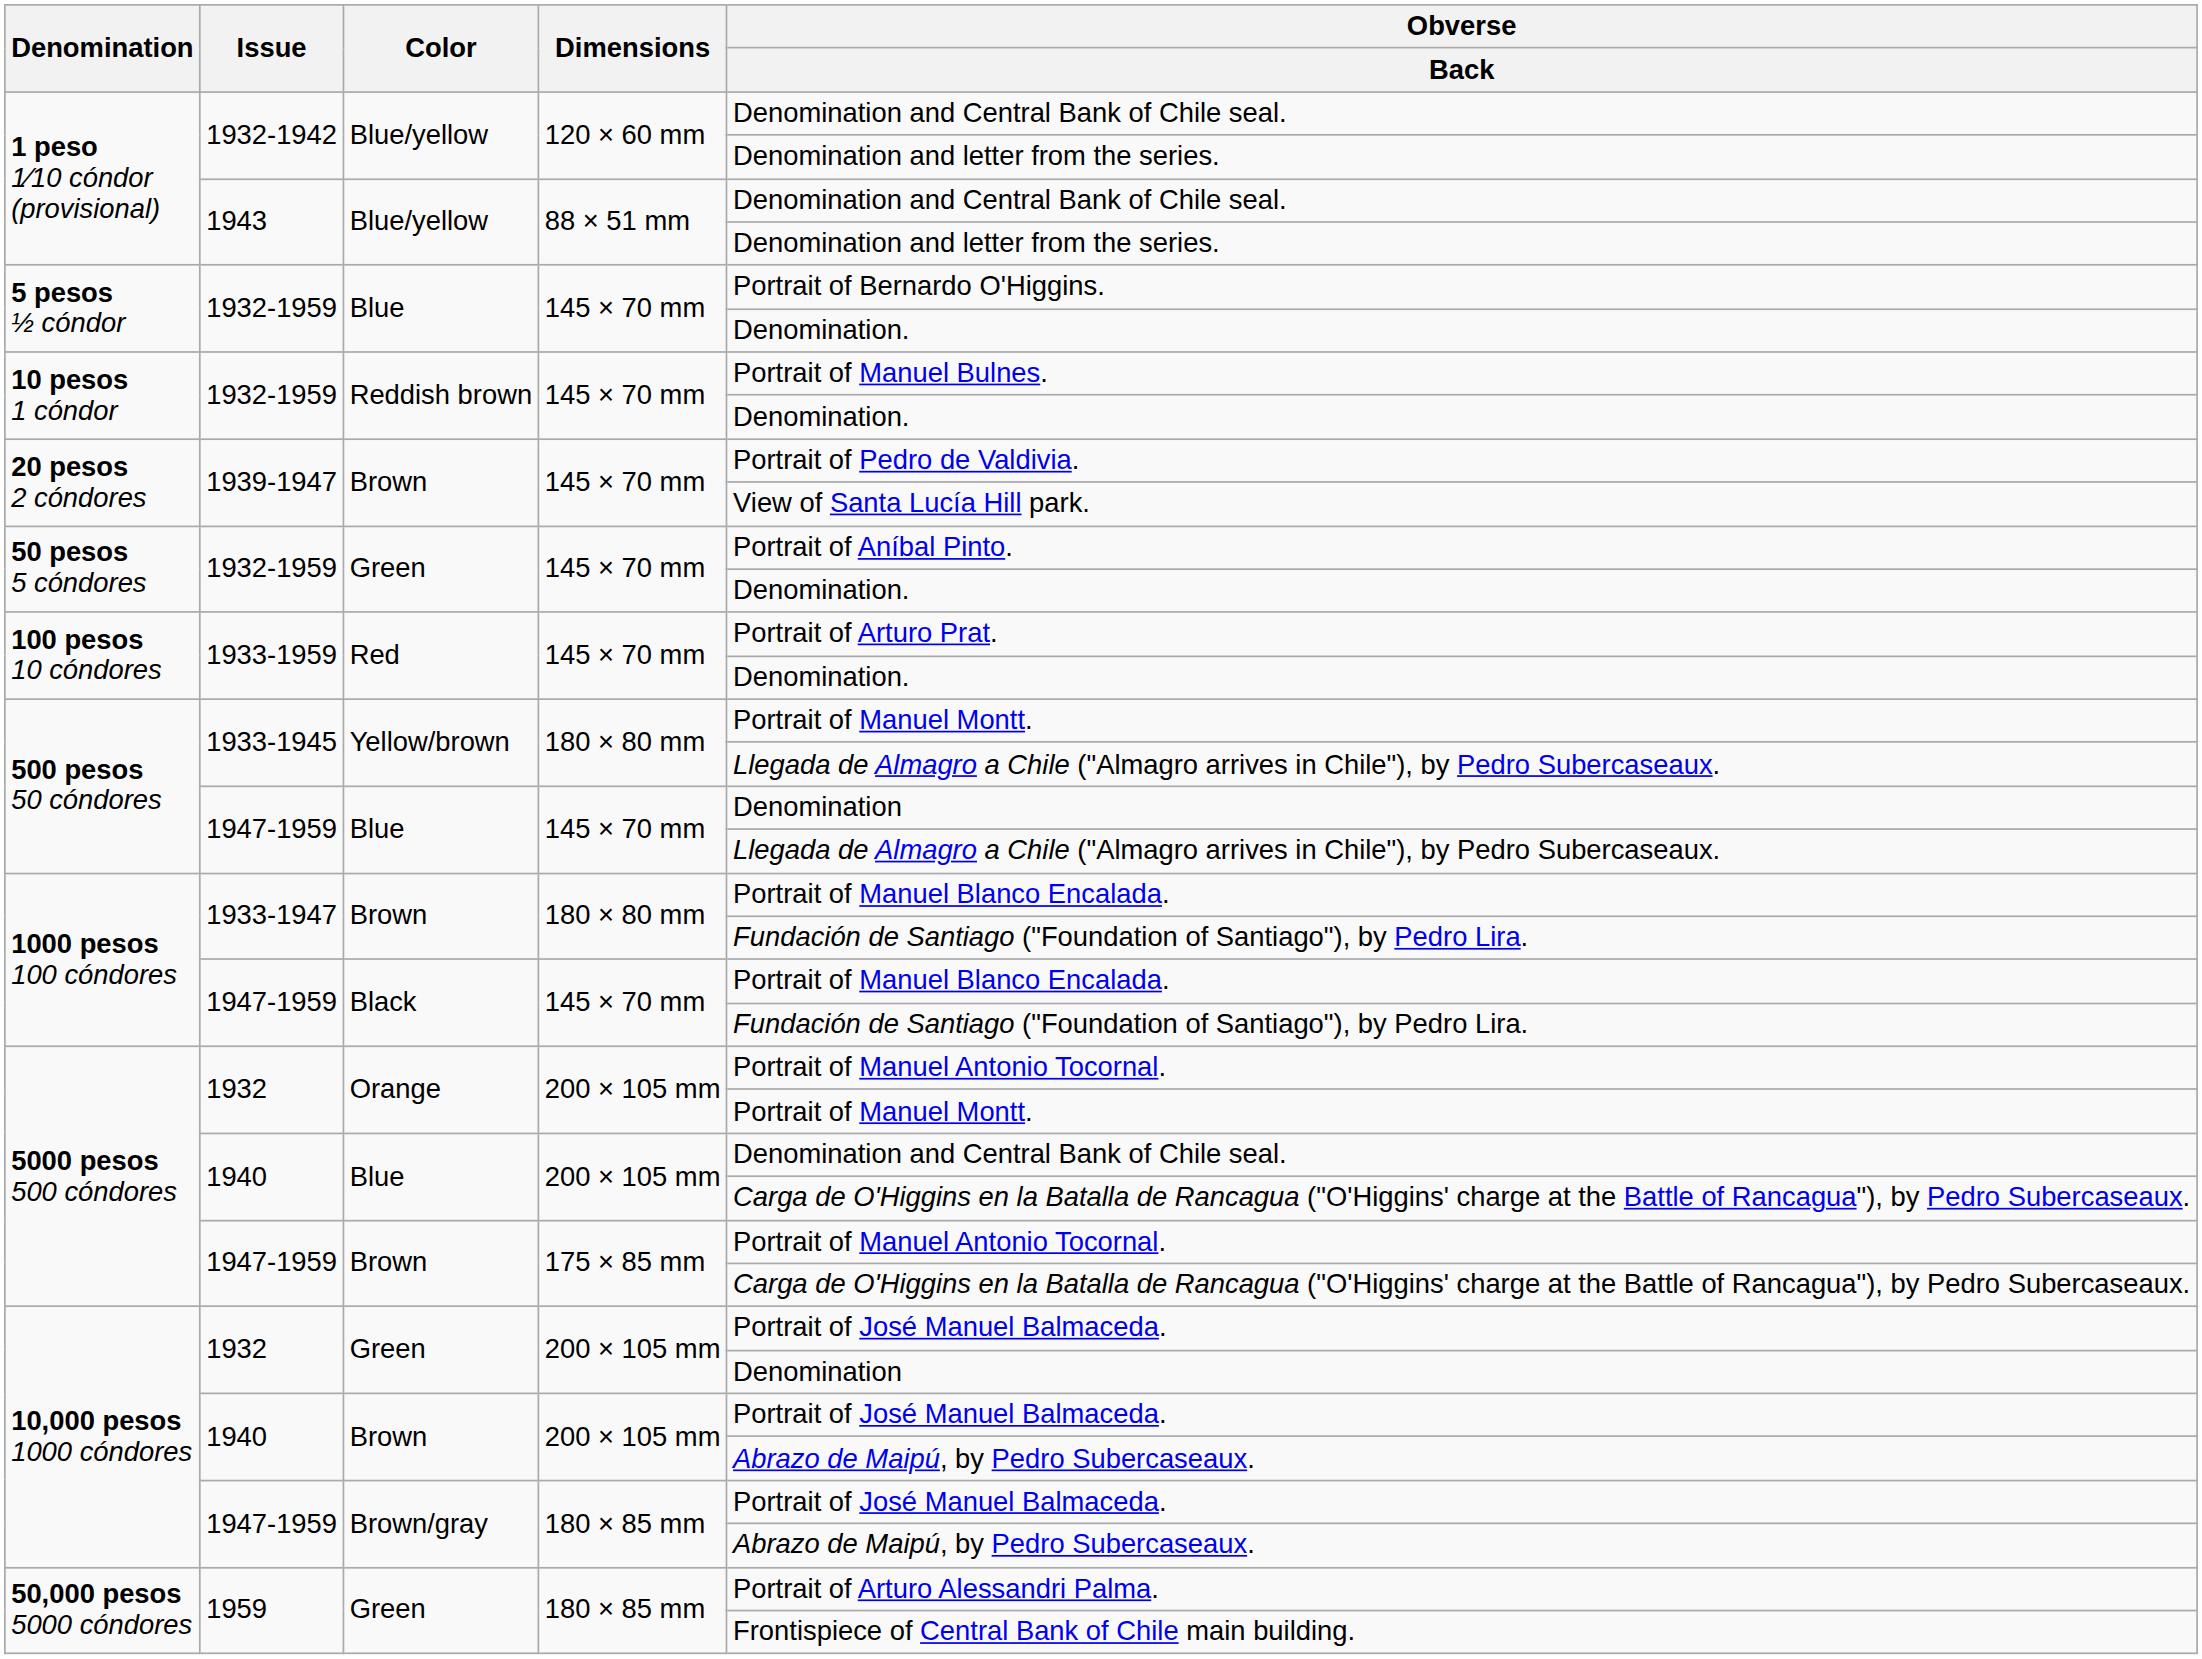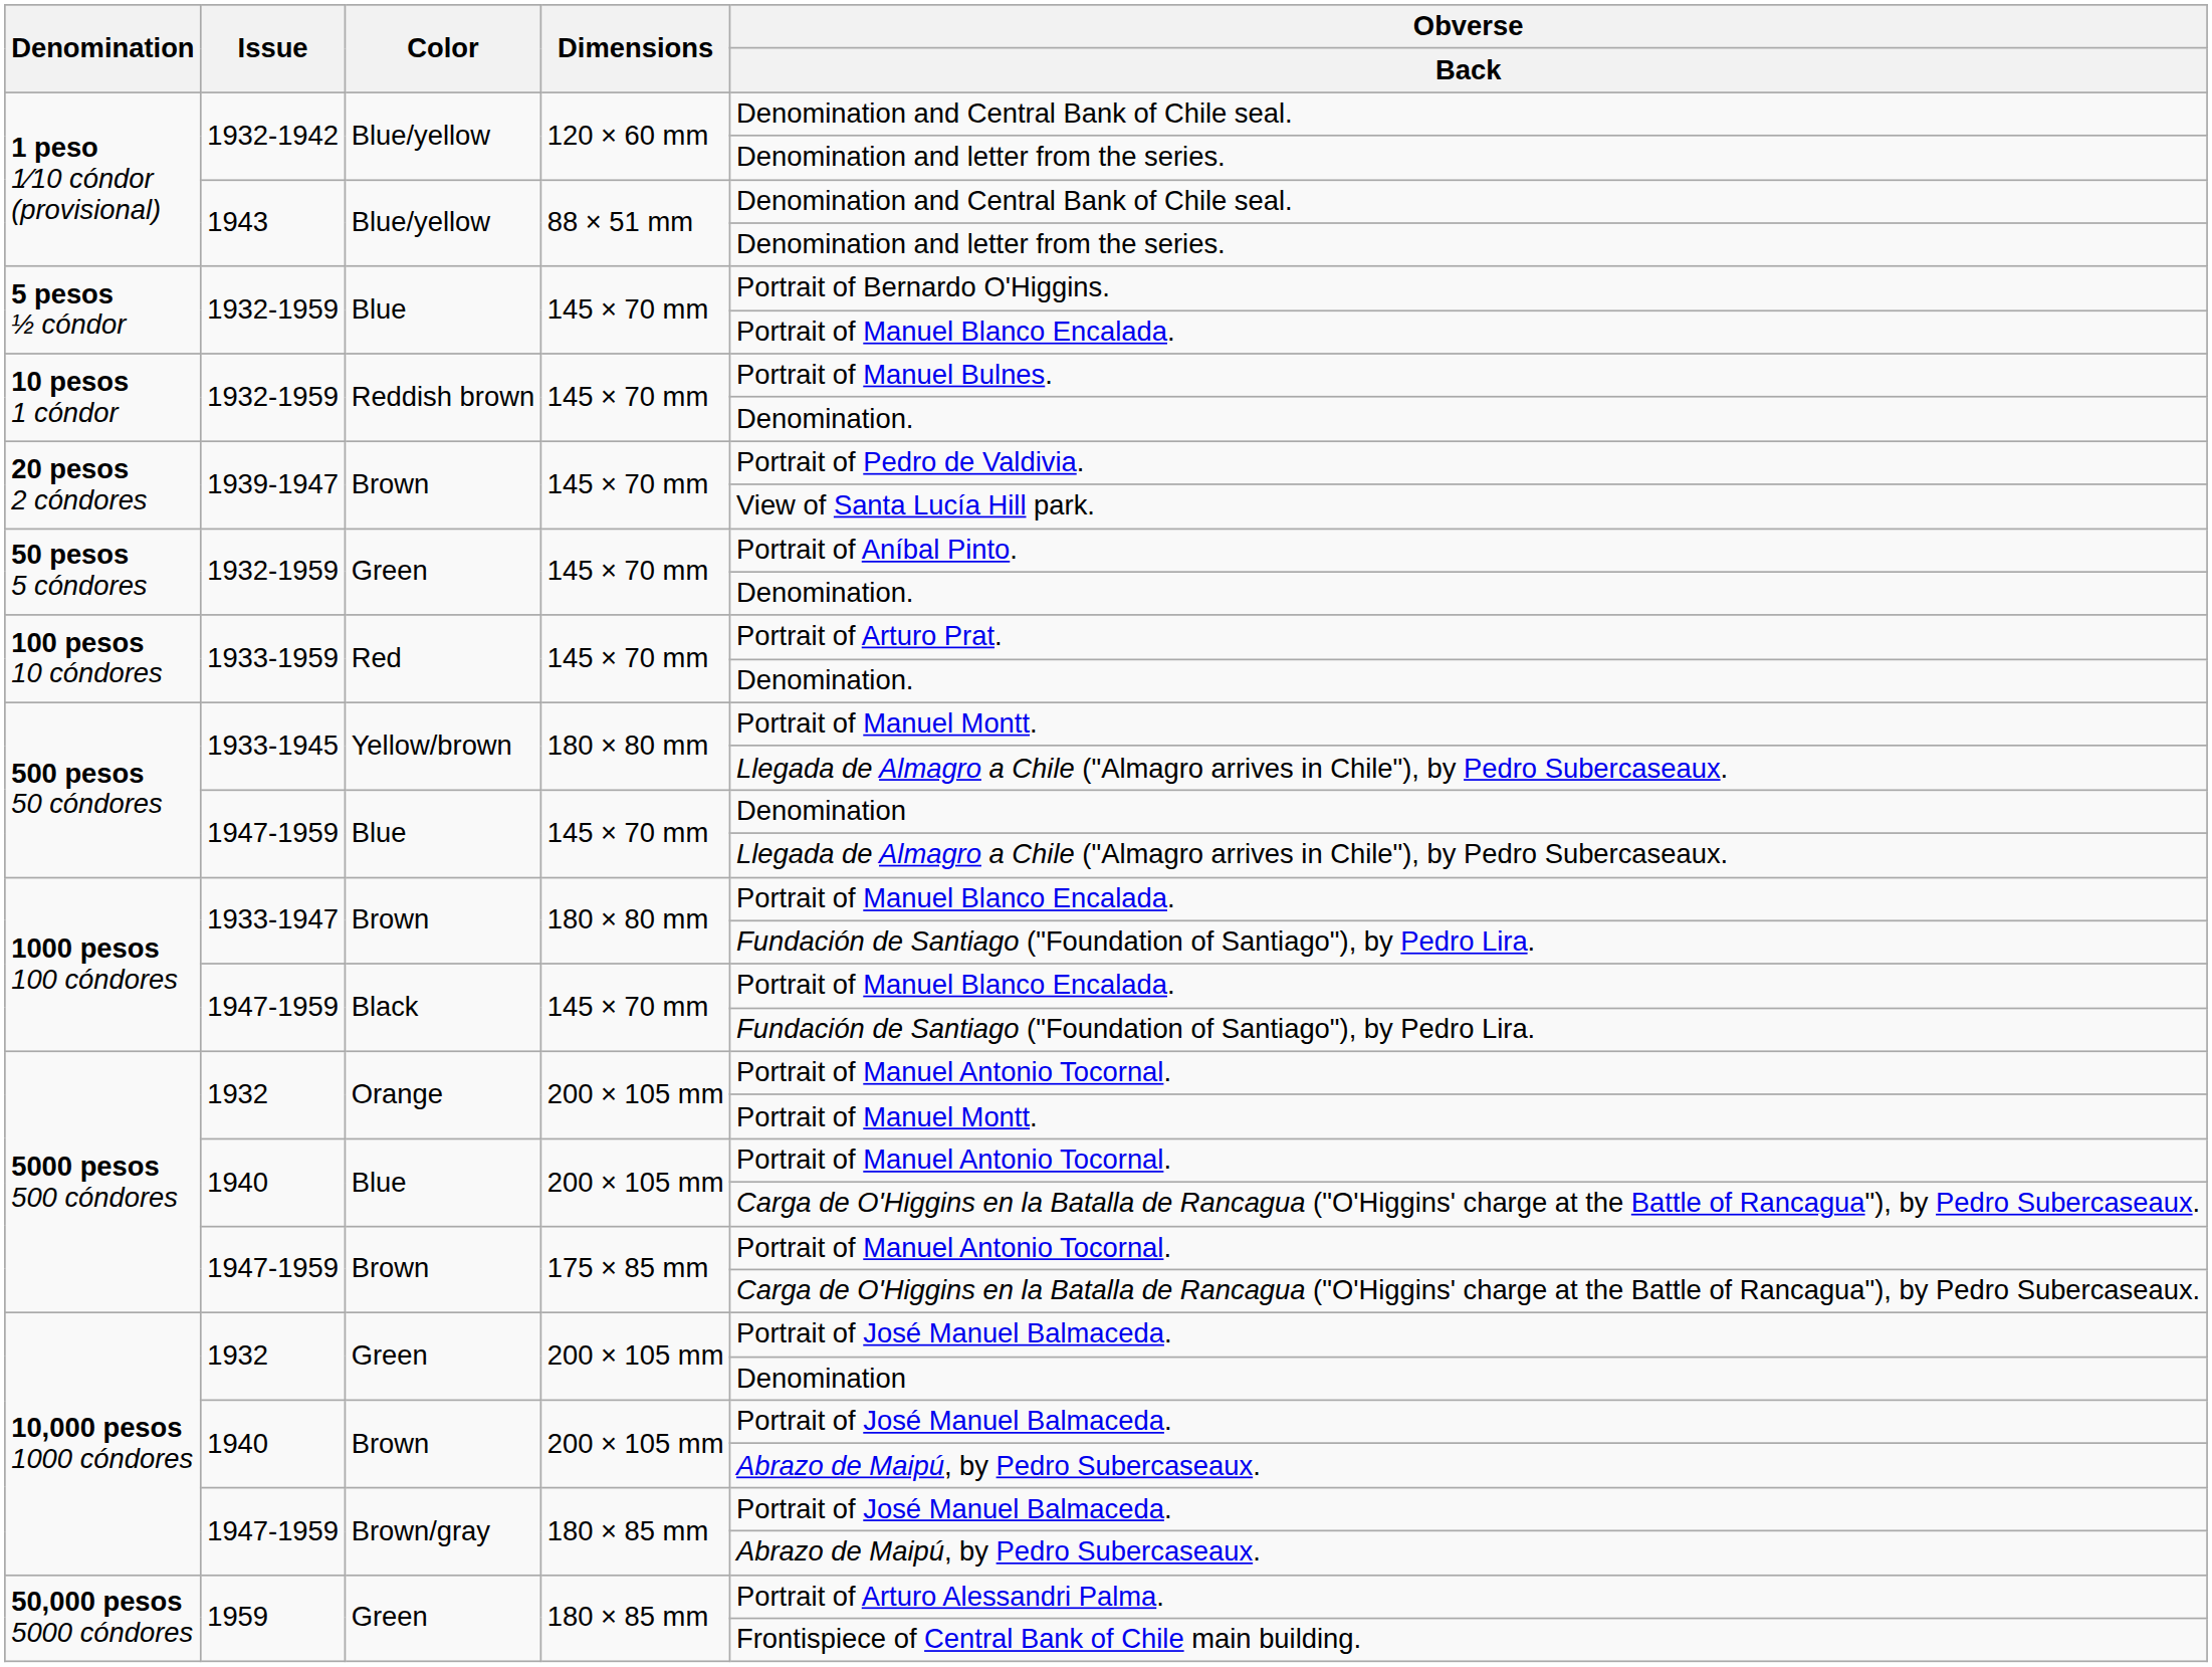 <table class="wikitable">
 <tr>
 <th rowspan=2>Denomination</th>
 <th rowspan=2>Issue</th>
 <th rowspan=2>Color</th>
 <th rowspan=2>Dimensions</th>
 <th>Obverse</th>
 </tr>
 <tr>
 <th>Back</th>
 </tr>
 <tr>
 <td rowspan=4><strong>1 peso</strong><br><em>1⁄10 cóndor</em><br><em>(provisional)</em></td>
 <td rowspan=2>1932-1942</td>
 <td rowspan=2>Blue/yellow</td>
 <td rowspan=2>120 × 60 mm</td>
 <td>Denomination and Central Bank of Chile seal.</td>
 </tr>
 <tr>
 <td>Denomination and letter from the series.</td>
 </tr>
 <tr>
 <td rowspan=2>1943</td>
 <td rowspan=2>Blue/yellow</td>
 <td rowspan=2>88 × 51 mm</td>
 <td>Denomination and Central Bank of Chile seal.</td>
 </tr>
 <tr>
 <td>Denomination and letter from the series.</td>
 </tr>
 <tr>
 <td rowspan=2><strong>5 pesos</strong><br><em>½ cóndor</em></td>
 <td rowspan=2>1932-1959</td>
 <td rowspan=2>Blue</td>
 <td rowspan=2>145 × 70 mm</td>
 <td>Portrait of Bernardo O'Higgins.</td>
 </tr>
 <tr>
-<td>Denomination.</td>
+<td>Portrait of <a href='#'>Manuel Blanco Encalada</a>.</td>
 </tr>
 <tr>
 <td rowspan=2><strong>10 pesos</strong><br><em>1 cóndor</em></td>
 <td rowspan=2>1932-1959</td>
 <td rowspan=2>Reddish brown</td>
 <td rowspan=2>145 × 70 mm</td>
 <td>Portrait of <a href='#'>Manuel Bulnes</a>.</td>
 </tr>
 <tr>
 <td>Denomination.</td>
 </tr>
 <tr>
 <td rowspan=2><strong>20 pesos</strong><br><em>2 cóndores</em></td>
 <td rowspan=2>1939-1947</td>
 <td rowspan=2>Brown</td>
 <td rowspan=2>145 × 70 mm</td>
 <td>Portrait of <a href='#'>Pedro de Valdivia</a>.</td>
 </tr>
 <tr>
 <td>View of <a href='#'>Santa Lucía Hill</a> park.</td>
 </tr>
 <tr>
 <td rowspan="2"><strong>50 pesos</strong><br><em>5 cóndores</em></td>
 <td rowspan="2">1932-1959</td>
 <td rowspan="2">Green</td>
 <td rowspan="2">145 × 70 mm</td>
 <td>Portrait of <a href='#'>Aníbal Pinto</a>.</td>
 </tr>
 <tr>
 <td>Denomination.</td>
 </tr>
 <tr>
 <td rowspan=2><strong>100 pesos</strong><br><em>10 cóndores</em></td>
 <td rowspan=2>1933-1959</td>
 <td rowspan=2>Red</td>
 <td rowspan=2>145 × 70 mm</td>
 <td>Portrait of <a href='#'>Arturo Prat</a>.</td>
 </tr>
 <tr>
 <td>Denomination.</td>
 </tr>
 <tr>
 <td rowspan=4><strong>500 pesos</strong><br><em>50 cóndores</em></td>
 <td rowspan=2>1933-1945</td>
 <td rowspan=2>Yellow/brown</td>
 <td rowspan=2>180 × 80 mm</td>
 <td>Portrait of <a href='#'>Manuel Montt</a>.</td>
 </tr>
 <tr>
 <td><em>Llegada de <a href='#'>Almagro</a> a Chile</em> ("Almagro arrives in Chile"), by <a href='#'>Pedro Subercaseaux</a>.</td>
 </tr>
 <tr>
 <td rowspan=2>1947-1959</td>
 <td rowspan=2>Blue</td>
 <td rowspan=2>145 × 70 mm</td>
 <td>Denomination</td>
 </tr>
 <tr>
 <td><em>Llegada de <a href='#'>Almagro</a> a Chile</em> ("Almagro arrives in Chile"), by Pedro Subercaseaux.</td>
 </tr>
 <tr>
 <td rowspan=4><strong>1000 pesos</strong><br><em>100 cóndores</em></td>
 <td rowspan=2>1933-1947</td>
 <td rowspan=2>Brown</td>
 <td rowspan=2>180 × 80 mm</td>
 <td>Portrait of <a href='#'>Manuel Blanco Encalada</a>.</td>
 </tr>
 <tr>
 <td><em>Fundación de Santiago</em> ("Foundation of Santiago"), by <a href='#'>Pedro Lira</a>.</td>
 </tr>
 <tr>
 <td rowspan=2>1947-1959</td>
 <td rowspan=2>Black</td>
 <td rowspan=2>145 × 70 mm</td>
 <td>Portrait of <a href='#'>Manuel Blanco Encalada</a>.</td>
 </tr>
 <tr>
 <td><em>Fundación de Santiago</em> ("Foundation of Santiago"), by Pedro Lira.</td>
 </tr>
 <tr>
 <td rowspan=6><strong>5000 pesos</strong><br><em>500 cóndores</em></td>
 <td rowspan=2>1932</td>
 <td rowspan=2>Orange</td>
 <td rowspan=2>200 × 105 mm</td>
 <td>Portrait of <a href='#'>Manuel Antonio Tocornal</a>.</td>
 </tr>
 <tr>
 <td>Portrait of <a href='#'>Manuel Montt</a>.</td>
 </tr>
 <tr>
 <td rowspan=2>1940</td>
 <td rowspan=2>Blue</td>
 <td rowspan=2>200 × 105 mm</td>
-<td>Denomination and Central Bank of Chile seal.</td>
+<td>Portrait of <a href='#'>Manuel Antonio Tocornal</a>.</td>
 </tr>
 <tr>
 <td><em>Carga de O'Higgins en la Batalla de Rancagua</em> ("O'Higgins' charge at the <a href='#'>Battle of Rancagua</a>"), by <a href='#'>Pedro Subercaseaux</a>.</td>
 </tr>
 <tr>
 <td rowspan=2>1947-1959</td>
 <td rowspan=2>Brown</td>
 <td rowspan=2>175 × 85 mm</td>
 <td>Portrait of <a href='#'>Manuel Antonio Tocornal</a>.</td>
 </tr>
 <tr>
 <td><em>Carga de O'Higgins en la Batalla de Rancagua</em> ("O'Higgins' charge at the Battle of Rancagua"), by Pedro Subercaseaux.</td>
 </tr>
 <tr>
 <td rowspan=6><strong>10,000 pesos</strong><br><em>1000 cóndores</em></td>
 <td rowspan=2>1932</td>
 <td rowspan=2>Green</td>
 <td rowspan=2>200 × 105 mm</td>
 <td>Portrait of <a href='#'>José Manuel Balmaceda</a>.</td>
 </tr>
 <tr>
 <td>Denomination</td>
 </tr>
 <tr>
 <td rowspan=2>1940</td>
 <td rowspan=2>Brown</td>
 <td rowspan=2>200 × 105 mm</td>
 <td>Portrait of <a href='#'>José Manuel Balmaceda</a>.</td>
 </tr>
 <tr>
 <td><em><a href='#'>Abrazo de Maipú</a></em>, by <a href='#'>Pedro Subercaseaux</a>.</td>
 </tr>
 <tr>
 <td rowspan=2>1947-1959</td>
 <td rowspan=2>Brown/gray</td>
 <td rowspan=2>180 × 85 mm</td>
 <td>Portrait of <a href='#'>José Manuel Balmaceda</a>.</td>
 </tr>
 <tr>
 <td><em>Abrazo de Maipú</em>, by <a href='#'>Pedro Subercaseaux</a>.</td>
 </tr>
 <tr>
 <td rowspan="2"><strong>50,000 pesos</strong><br><em>5000 cóndores</em></td>
 <td rowspan="2">1959</td>
 <td rowspan="2">Green</td>
 <td rowspan="2">180 × 85 mm</td>
 <td>Portrait of <a href='#'>Arturo Alessandri Palma</a>.</td>
 </tr>
 <tr>
 <td>Frontispiece of <a href='#'>Central Bank of Chile</a> main building.</td>
 </tr>
 </table>
